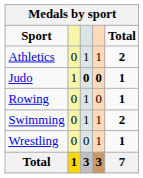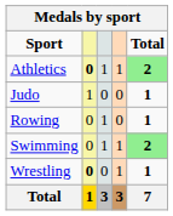 <table class="wikitable" style="font-size:85%;float:right;clear:right;">
 <tr style="background:#efefef;">
 <th colspan=5><strong>Medals by sport</strong></th>
 </tr>
 <tr align=center>
 <td><strong>Sport</strong></td>
 <td bgcolor=#f7f6a8></td>
 <td bgcolor=#dce5e5></td>
 <td bgcolor=#ffdab9></td>
 <td><strong>Total</strong></td>
 </tr>
 <tr align=center>
 <td align="left"><a href='#'>Athletics</a></td>
-<td style="background:#F7F6A8;">0</td>
+<td style="background:#F7F6A8;"><strong>0</strong></td>
 <td style="background:#DCE5E5;">1</td>
 <td style="background:#FFDAB9;">1</td>
-<td><strong>2</strong></td>
+<td style="background: lightgreen;"><strong>2</strong></td>
 </tr>
 <tr align=center>
 <td align="left"><a href='#'>Judo</a></td>
 <td style="background:#F7F6A8;">1</td>
-<td style="background:#DCE5E5;"><strong>0</strong></td>
-<td style="background:#FFDAB9;"><strong>0</strong></td>
+<td style="background:#DCE5E5;">0</td>
+<td style="background:#FFDAB9;">0</td>
 <td><strong>1</strong></td>
 </tr>
 <tr align=center>
 <td align="left"><a href='#'>Rowing</a></td>
 <td style="background:#F7F6A8;">0</td>
 <td style="background:#DCE5E5;">1</td>
 <td style="background:#FFDAB9;">0</td>
 <td><strong>1</strong></td>
 </tr>
 <tr align=center>
 <td align="left"><a href='#'>Swimming</a></td>
 <td style="background:#F7F6A8;">0</td>
 <td style="background:#DCE5E5;">1</td>
 <td style="background:#FFDAB9;">1</td>
-<td><strong>2</strong></td>
+<td style="background: lightgreen;"><strong>2</strong></td>
 </tr>
 <tr align=center>
 <td align="left"><a href='#'>Wrestling</a></td>
-<td style="background:#F7F6A8;">0</td>
+<td style="background:#F7F6A8;"><strong>0</strong></td>
 <td style="background:#DCE5E5;">0</td>
 <td style="background:#FFDAB9;">1</td>
 <td><strong>1</strong></td>
 </tr>
 <tr align=center>
 <th><strong>Total</strong></th>
 <th style="background:gold;"><strong>1</strong></th>
 <th style="background:silver;"><strong>3</strong></th>
 <th style="background:#c96;"><strong>3</strong></th>
 <th><strong>7</strong></th>
 </tr>
 </table>
